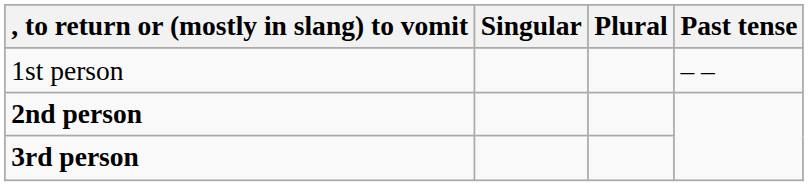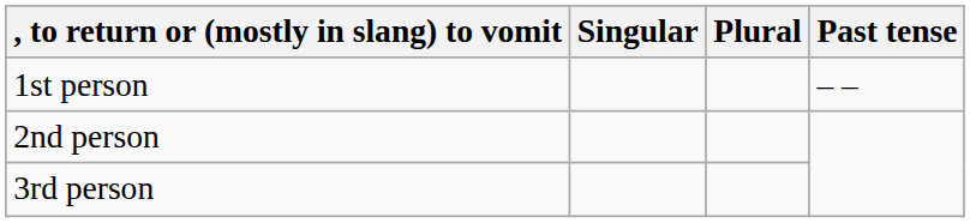 <table class="wikitable">
 <tr>
 <th>, to return or (mostly in slang) to vomit</th>
 <th>Singular</th>
 <th>Plural</th>
 <th>Past tense</th>
 </tr>
 <tr>
 <td>1st person</td>
 <td></td>
 <td></td>
 <td> –  – </td>
 </tr>
 <tr>
-<td><strong>2nd person</strong></td>
+<td>2nd person</td>
 <td></td>
 <td></td>
 </tr>
 <tr>
-<td><strong>3rd person</strong></td>
+<td>3rd person</td>
 <td></td>
 <td></td>
 </tr>
 </table>
